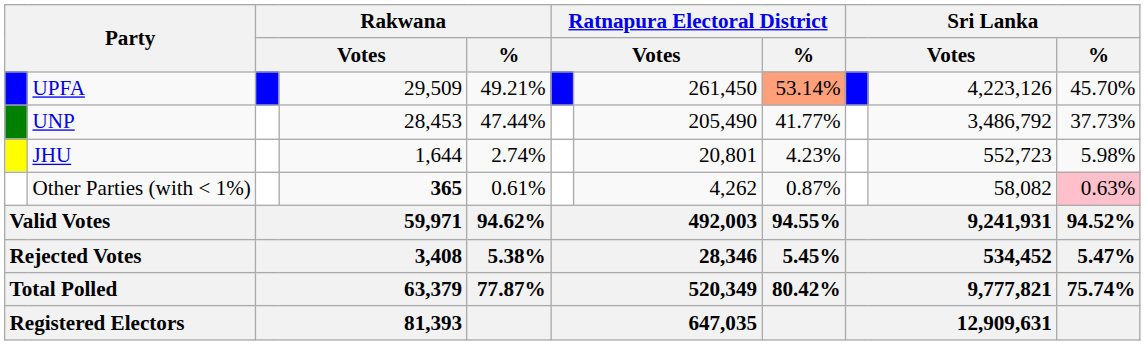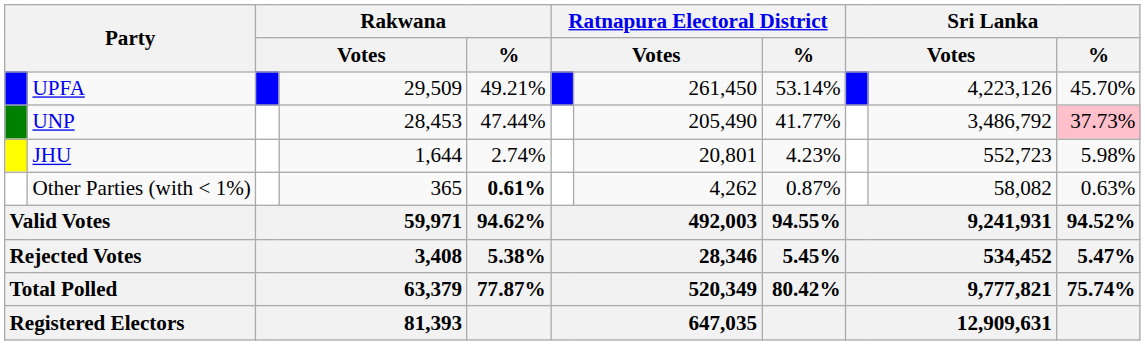 <table class="wikitable">
 <tr>
 <th colspan="2" width="144px"rowspan="2">Party</th>
 <th colspan="3" width="216px">Rakwana</th>
 <th colspan="3" width="216px"><a href='#'>Ratnapura Electoral District</a></th>
 <th colspan="3" width="216px">Sri Lanka</th>
 </tr>
 <tr>
 <th colspan="2" width="144px">Votes</th>
 <th>%</th>
 <th colspan="2" width="144px">Votes</th>
 <th>%</th>
 <th colspan="2" width="144px">Votes</th>
 <th>%</th>
 </tr>
 <tr>
 <td style="background-color:blue;" width="10px"></td>
 <td style="text-align:left;"><a href='#'>UPFA</a></td>
 <td style="background-color:blue;" width="10px"></td>
 <td style="text-align:right;">29,509</td>
 <td style="text-align:right;">49.21%</td>
 <td style="background-color:blue;" width="10px"></td>
 <td style="text-align:right;">261,450</td>
-<td style="background: lightsalmon; text-align:right;">53.14%</td>
+<td style="text-align:right;">53.14%</td>
 <td style="background-color:blue;" width="10px"></td>
 <td style="text-align:right;">4,223,126</td>
 <td style="text-align:right;">45.70%</td>
 </tr>
 <tr>
 <td style="background-color:green;" width="10px"></td>
 <td style="text-align:left;"><a href='#'>UNP</a></td>
 <td style="background-color:white;" width="10px"></td>
 <td style="text-align:right;">28,453</td>
 <td style="text-align:right;">47.44%</td>
 <td style="background-color:white;" width="10px"></td>
 <td style="text-align:right;">205,490</td>
 <td style="text-align:right;">41.77%</td>
 <td style="background-color:white;" width="10px"></td>
 <td style="text-align:right;">3,486,792</td>
-<td style="text-align:right;">37.73%</td>
+<td style="background: pink; text-align:right;">37.73%</td>
 </tr>
 <tr>
 <td style="background-color:yellow;" width="10px"></td>
 <td style="text-align:left;"><a href='#'>JHU</a></td>
 <td style="background-color:white;" width="10px"></td>
 <td style="text-align:right;">1,644</td>
 <td style="text-align:right;">2.74%</td>
 <td style="background-color:white;" width="10px"></td>
 <td style="text-align:right;">20,801</td>
 <td style="text-align:right;">4.23%</td>
 <td style="background-color:white;" width="10px"></td>
 <td style="text-align:right;">552,723</td>
 <td style="text-align:right;">5.98%</td>
 </tr>
 <tr>
 <td style="background-color:white;" width="10px"></td>
 <td style="text-align:left;">Other Parties (with < 1%)</td>
 <td style="background-color:white;" width="10px"></td>
-<td style="text-align:right;"><strong>365</strong></td>
-<td style="text-align:right;">0.61%</td>
+<td style="text-align:right;">365</td>
+<td style="text-align:right;"><strong>0.61%</strong></td>
 <td style="background-color:white;" width="10px"></td>
 <td style="text-align:right;">4,262</td>
 <td style="text-align:right;">0.87%</td>
 <td style="background-color:white;" width="10px"></td>
 <td style="text-align:right;">58,082</td>
-<td style="background: pink; text-align:right;">0.63%</td>
+<td style="text-align:right;">0.63%</td>
 </tr>
 <tr>
 <th colspan="2" width="144px"style="text-align:left;">Valid Votes</th>
 <th style="text-align:right;"colspan="2" width="144px">59,971</th>
 <th style="text-align:right;">94.62%</th>
 <th style="text-align:right;"colspan="2" width="144px">492,003</th>
 <th style="text-align:right;">94.55%</th>
 <th style="text-align:right;"colspan="2" width="144px">9,241,931</th>
 <th style="text-align:right;">94.52%</th>
 </tr>
 <tr>
 <th colspan="2" width="144px"style="text-align:left;">Rejected Votes</th>
 <th style="text-align:right;"colspan="2" width="144px">3,408</th>
 <th style="text-align:right;">5.38%</th>
 <th style="text-align:right;"colspan="2" width="144px">28,346</th>
 <th style="text-align:right;">5.45%</th>
 <th style="text-align:right;"colspan="2" width="144px">534,452</th>
 <th style="text-align:right;">5.47%</th>
 </tr>
 <tr>
 <th colspan="2" width="144px"style="text-align:left;">Total Polled</th>
 <th style="text-align:right;"colspan="2" width="144px">63,379</th>
 <th style="text-align:right;">77.87%</th>
 <th style="text-align:right;"colspan="2" width="144px">520,349</th>
 <th style="text-align:right;">80.42%</th>
 <th style="text-align:right;"colspan="2" width="144px">9,777,821</th>
 <th style="text-align:right;">75.74%</th>
 </tr>
 <tr>
 <th colspan="2" width="144px"style="text-align:left;">Registered Electors</th>
 <th style="text-align:right;"colspan="2" width="144px">81,393</th>
 <th></th>
 <th style="text-align:right;"colspan="2" width="144px">647,035</th>
 <th></th>
 <th style="text-align:right;"colspan="2" width="144px">12,909,631</th>
 <th></th>
 </tr>
 </table>
